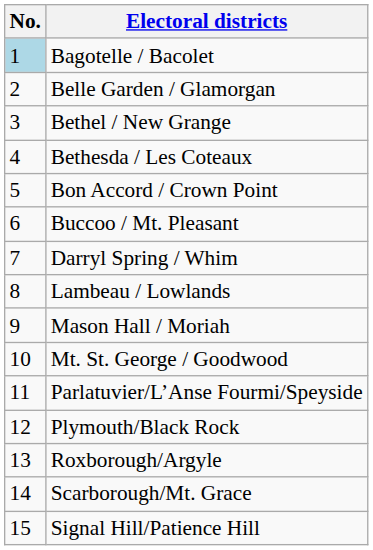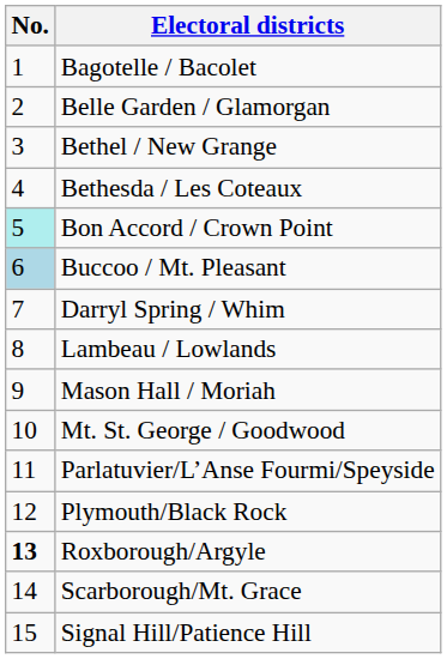 <table class="wikitable sortable">
 <tr>
 <th>No.</th>
 <th><a href='#'>Electoral districts</a></th>
 </tr>
 <tr>
-<td style="background: lightblue;">1</td>
+<td>1</td>
 <td>Bagotelle / Bacolet</td>
 </tr>
 <tr>
 <td>2</td>
 <td>Belle Garden / Glamorgan</td>
 </tr>
 <tr>
 <td>3</td>
 <td>Bethel / New Grange</td>
 </tr>
 <tr>
 <td>4</td>
 <td>Bethesda / Les Coteaux</td>
 </tr>
 <tr>
-<td>5</td>
+<td style="background: paleturquoise;">5</td>
 <td>Bon Accord / Crown Point</td>
 </tr>
 <tr>
-<td>6</td>
+<td style="background: lightblue;">6</td>
 <td>Buccoo / Mt. Pleasant</td>
 </tr>
 <tr>
 <td>7</td>
 <td>Darryl Spring / Whim</td>
 </tr>
 <tr>
 <td>8</td>
 <td>Lambeau / Lowlands</td>
 </tr>
 <tr>
 <td>9</td>
 <td>Mason Hall / Moriah</td>
 </tr>
 <tr>
 <td>10</td>
 <td>Mt. St. George / Goodwood</td>
 </tr>
 <tr>
 <td>11</td>
 <td>Parlatuvier/L’Anse Fourmi/Speyside</td>
 </tr>
 <tr>
 <td>12</td>
 <td>Plymouth/Black Rock</td>
 </tr>
 <tr>
-<td>13</td>
+<td><strong>13</strong></td>
 <td>Roxborough/Argyle</td>
 </tr>
 <tr>
 <td>14</td>
 <td>Scarborough/Mt. Grace</td>
 </tr>
 <tr>
 <td>15</td>
 <td>Signal Hill/Patience Hill</td>
 </tr>
 </table>
